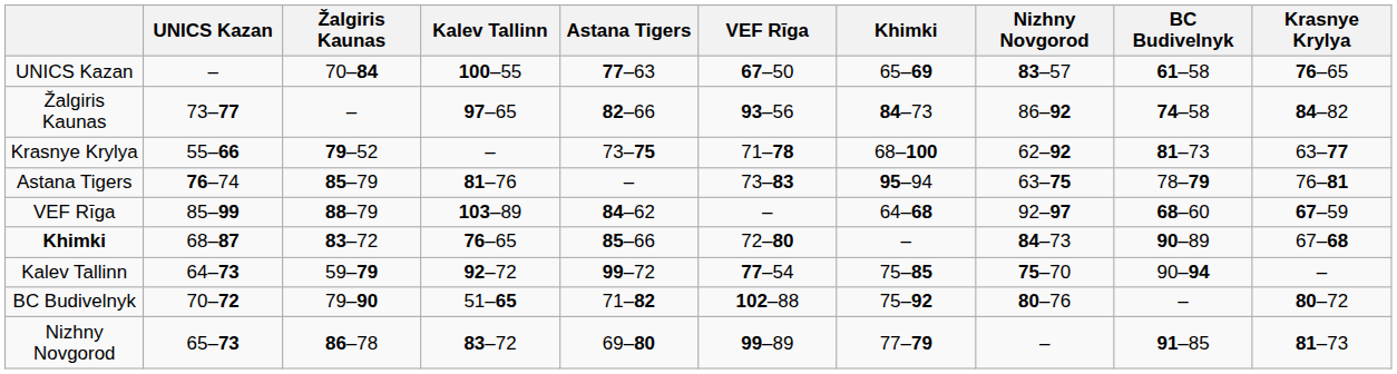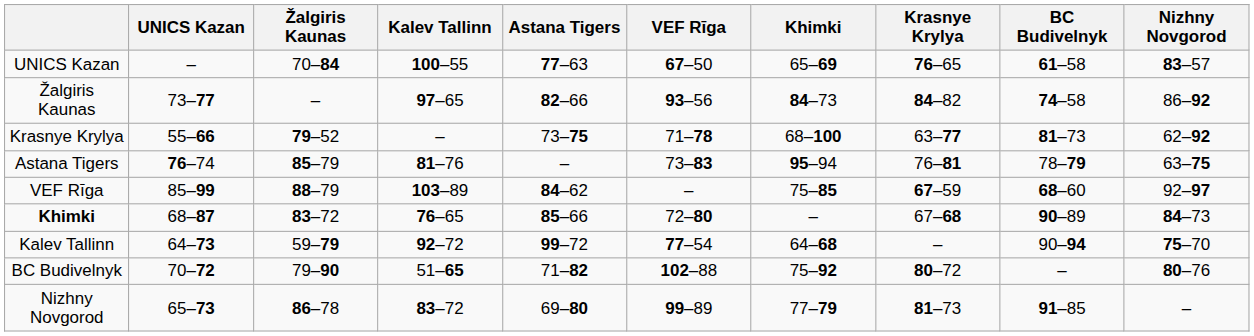 <table class="wikitable" style="text-align:center">
 <tr>
 <th width=110></th>
 <th width=110>UNICS Kazan</th>
 <th width=110>Žalgiris Kaunas</th>
 <th width=110>Kalev Tallinn</th>
 <th width=110>Astana Tigers</th>
 <th width=110>VEF Rīga</th>
 <th width=110>Khimki</th>
+<th width=110>Krasnye Krylya</th>
+<th width=110>BC Budivelnyk</th>
 <th width=110>Nizhny Novgorod</th>
-<th width=110>BC Budivelnyk</th>
-<th width=110>Krasnye Krylya</th>
 </tr>
 <tr>
 <td>UNICS Kazan</td>
 <td>–</td>
 <td>70–<strong>84</strong></td>
 <td><strong>100</strong>–55</td>
 <td><strong>77</strong>–63</td>
 <td><strong>67</strong>–50</td>
 <td>65–<strong>69</strong></td>
+<td><strong>76</strong>–65</td>
+<td><strong>61</strong>–58</td>
 <td><strong>83</strong>–57</td>
-<td><strong>61</strong>–58</td>
-<td><strong>76</strong>–65</td>
 </tr>
 <tr>
 <td>Žalgiris Kaunas</td>
 <td>73–<strong>77</strong></td>
 <td>–</td>
 <td><strong>97</strong>–65</td>
 <td><strong>82</strong>–66</td>
 <td><strong>93</strong>–56</td>
 <td><strong>84</strong>–73</td>
+<td><strong>84</strong>–82</td>
+<td><strong>74</strong>–58</td>
 <td>86–<strong>92</strong></td>
-<td><strong>74</strong>–58</td>
-<td><strong>84</strong>–82</td>
 </tr>
 <tr>
 <td>Krasnye Krylya</td>
 <td>55–<strong>66</strong></td>
 <td><strong>79</strong>–52</td>
 <td>–</td>
 <td>73–<strong>75</strong></td>
 <td>71–<strong>78</strong></td>
 <td>68–<strong>100</strong></td>
+<td>63–<strong>77</strong></td>
+<td><strong>81</strong>–73</td>
 <td>62–<strong>92</strong></td>
-<td><strong>81</strong>–73</td>
-<td>63–<strong>77</strong></td>
 </tr>
 <tr>
 <td>Astana Tigers</td>
 <td><strong>76</strong>–74</td>
 <td><strong>85</strong>–79</td>
 <td><strong>81</strong>–76</td>
 <td>–</td>
 <td>73–<strong>83</strong></td>
 <td><strong>95</strong>–94</td>
+<td>76–<strong>81</strong></td>
+<td>78–<strong>79</strong></td>
 <td>63–<strong>75</strong></td>
-<td>78–<strong>79</strong></td>
-<td>76–<strong>81</strong></td>
 </tr>
 <tr>
 <td>VEF Rīga</td>
 <td>85–<strong>99</strong></td>
 <td><strong>88</strong>–79</td>
 <td><strong>103</strong>–89</td>
 <td><strong>84</strong>–62</td>
 <td>–</td>
-<td>64–<strong>68</strong></td>
+<td>75–<strong>85</strong></td>
+<td><strong>67</strong>–59</td>
+<td><strong>68</strong>–60</td>
 <td>92–<strong>97</strong></td>
-<td><strong>68</strong>–60</td>
-<td><strong>67</strong>–59</td>
 </tr>
 <tr>
 <td><strong>Khimki</strong></td>
 <td>68–<strong>87</strong></td>
 <td><strong>83</strong>–72</td>
 <td><strong>76</strong>–65</td>
 <td><strong>85</strong>–66</td>
 <td>72–<strong>80</strong></td>
 <td>–</td>
+<td>67–<strong>68</strong></td>
+<td><strong>90</strong>–89</td>
 <td><strong>84</strong>–73</td>
-<td><strong>90</strong>–89</td>
-<td>67–<strong>68</strong></td>
 </tr>
 <tr>
 <td>Kalev Tallinn</td>
 <td>64–<strong>73</strong></td>
 <td>59–<strong>79</strong></td>
 <td><strong>92</strong>–72</td>
 <td><strong>99</strong>–72</td>
 <td><strong>77</strong>–54</td>
-<td>75–<strong>85</strong></td>
+<td>64–<strong>68</strong></td>
+<td>–</td>
+<td>90–<strong>94</strong></td>
 <td><strong>75</strong>–70</td>
-<td>90–<strong>94</strong></td>
-<td>–</td>
 </tr>
 <tr>
 <td>BC Budivelnyk</td>
 <td>70–<strong>72</strong></td>
 <td>79–<strong>90</strong></td>
 <td>51–<strong>65</strong></td>
 <td>71–<strong>82</strong></td>
 <td><strong>102</strong>–88</td>
 <td>75–<strong>92</strong></td>
+<td><strong>80</strong>–72</td>
+<td>–</td>
 <td><strong>80</strong>–76</td>
-<td>–</td>
-<td><strong>80</strong>–72</td>
 </tr>
 <tr>
 <td>Nizhny Novgorod</td>
 <td>65–<strong>73</strong></td>
 <td><strong>86</strong>–78</td>
 <td><strong>83</strong>–72</td>
 <td>69–<strong>80</strong></td>
 <td><strong>99</strong>–89</td>
 <td>77–<strong>79</strong></td>
+<td><strong>81</strong>–73</td>
+<td><strong>91</strong>–85</td>
 <td>–</td>
-<td><strong>91</strong>–85</td>
-<td><strong>81</strong>–73</td>
 </tr>
 </table>
